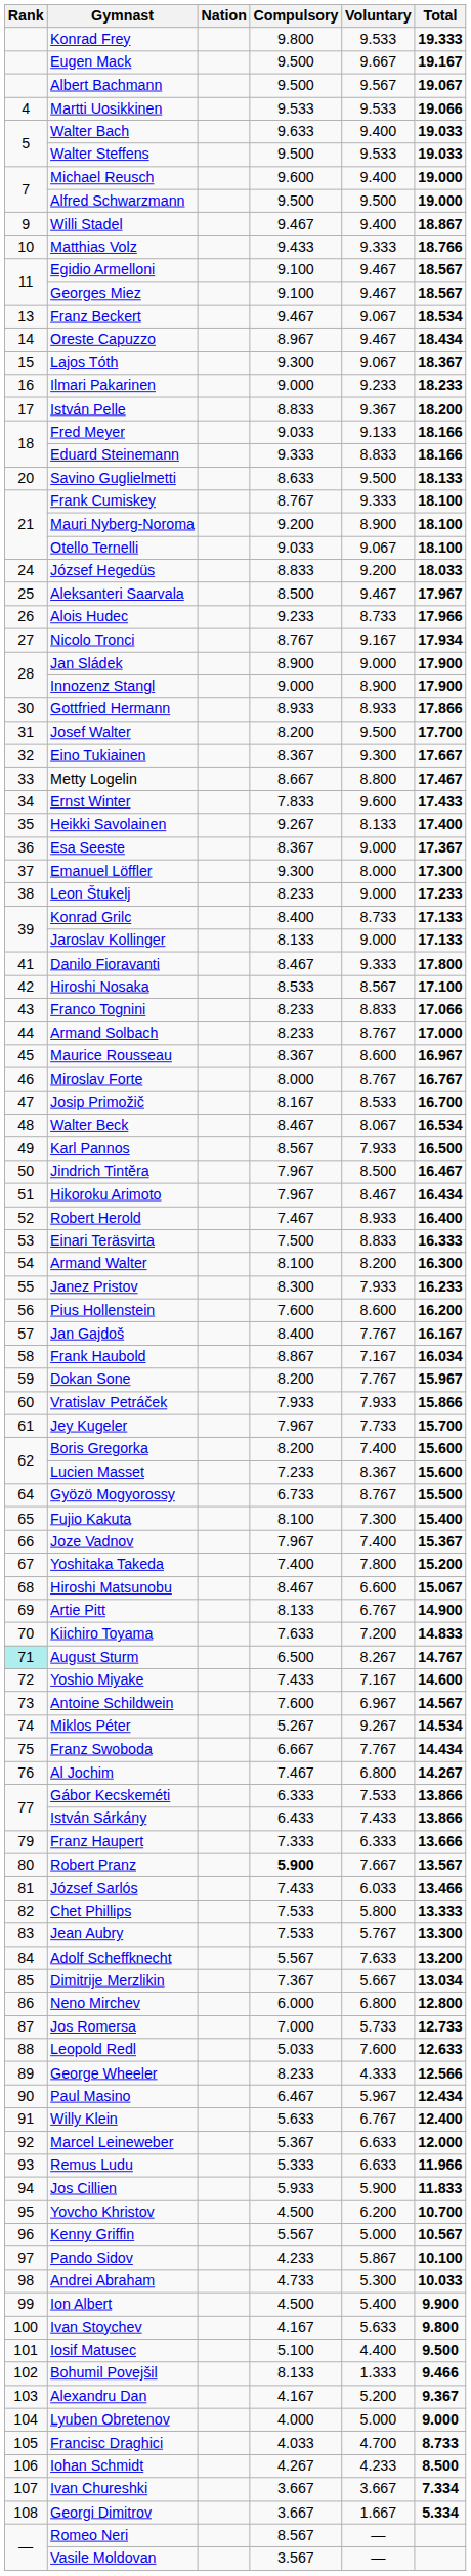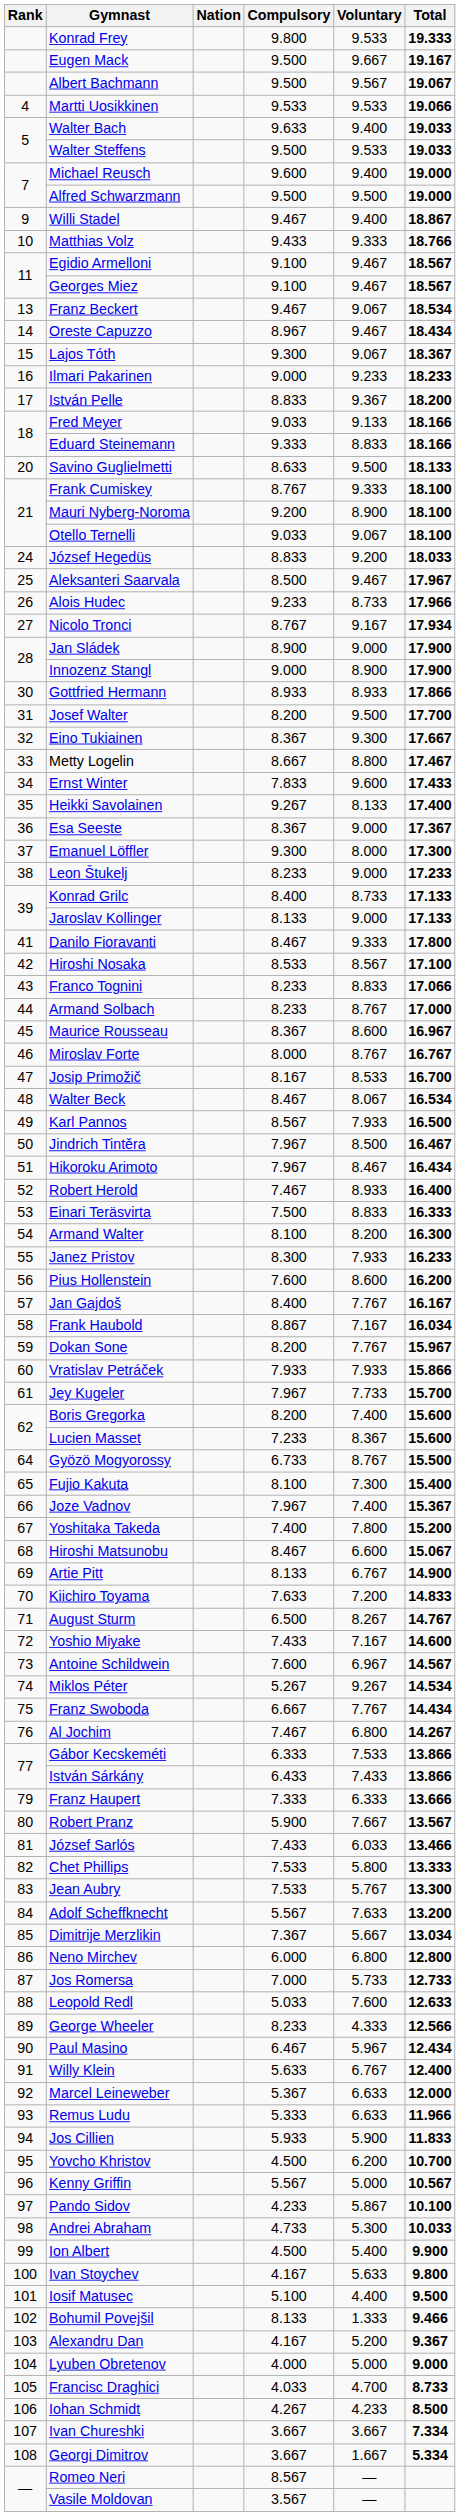 <table class="wikitable sortable" style="text-align:center">
 <tr>
 <th>Rank</th>
 <th>Gymnast</th>
 <th>Nation</th>
 <th>Compulsory</th>
 <th>Voluntary</th>
 <th>Total</th>
 </tr>
 <tr>
 <td></td>
 <td align=left><a href='#'>Konrad Frey</a></td>
 <td align=left></td>
 <td>9.800</td>
 <td>9.533</td>
 <td><strong>19.333</strong></td>
 </tr>
 <tr>
 <td></td>
 <td align=left><a href='#'>Eugen Mack</a></td>
 <td align=left></td>
 <td>9.500</td>
 <td>9.667</td>
 <td><strong>19.167</strong></td>
 </tr>
 <tr>
 <td></td>
 <td align=left><a href='#'>Albert Bachmann</a></td>
 <td align=left></td>
 <td>9.500</td>
 <td>9.567</td>
 <td><strong>19.067</strong></td>
 </tr>
 <tr>
 <td>4</td>
 <td align=left><a href='#'>Martti Uosikkinen</a></td>
 <td align=left></td>
 <td>9.533</td>
 <td>9.533</td>
 <td><strong>19.066</strong></td>
 </tr>
 <tr>
 <td rowspan=2>5</td>
 <td align=left><a href='#'>Walter Bach</a></td>
 <td align=left></td>
 <td>9.633</td>
 <td>9.400</td>
 <td><strong>19.033</strong></td>
 </tr>
 <tr>
 <td align=left><a href='#'>Walter Steffens</a></td>
 <td align=left></td>
 <td>9.500</td>
 <td>9.533</td>
 <td><strong>19.033</strong></td>
 </tr>
 <tr>
 <td rowspan=2>7</td>
 <td align=left><a href='#'>Michael Reusch</a></td>
 <td align=left></td>
 <td>9.600</td>
 <td>9.400</td>
 <td><strong>19.000</strong></td>
 </tr>
 <tr>
 <td align=left><a href='#'>Alfred Schwarzmann</a></td>
 <td align=left></td>
 <td>9.500</td>
 <td>9.500</td>
 <td><strong>19.000</strong></td>
 </tr>
 <tr>
 <td>9</td>
 <td align=left><a href='#'>Willi Stadel</a></td>
 <td align=left></td>
 <td>9.467</td>
 <td>9.400</td>
 <td><strong>18.867</strong></td>
 </tr>
 <tr>
 <td>10</td>
 <td align=left><a href='#'>Matthias Volz</a></td>
 <td align=left></td>
 <td>9.433</td>
 <td>9.333</td>
 <td><strong>18.766</strong></td>
 </tr>
 <tr>
 <td rowspan=2>11</td>
 <td align=left><a href='#'>Egidio Armelloni</a></td>
 <td align=left></td>
 <td>9.100</td>
 <td>9.467</td>
 <td><strong>18.567</strong></td>
 </tr>
 <tr>
 <td align=left><a href='#'>Georges Miez</a></td>
 <td align=left></td>
 <td>9.100</td>
 <td>9.467</td>
 <td><strong>18.567</strong></td>
 </tr>
 <tr>
 <td>13</td>
 <td align=left><a href='#'>Franz Beckert</a></td>
 <td align=left></td>
 <td>9.467</td>
 <td>9.067</td>
 <td><strong>18.534</strong></td>
 </tr>
 <tr>
 <td>14</td>
 <td align=left><a href='#'>Oreste Capuzzo</a></td>
 <td align=left></td>
 <td>8.967</td>
 <td>9.467</td>
 <td><strong>18.434</strong></td>
 </tr>
 <tr>
 <td>15</td>
 <td align=left><a href='#'>Lajos Tóth</a></td>
 <td align=left></td>
 <td>9.300</td>
 <td>9.067</td>
 <td><strong>18.367</strong></td>
 </tr>
 <tr>
 <td>16</td>
 <td align=left><a href='#'>Ilmari Pakarinen</a></td>
 <td align=left></td>
 <td>9.000</td>
 <td>9.233</td>
 <td><strong>18.233</strong></td>
 </tr>
 <tr>
 <td>17</td>
 <td align=left><a href='#'>István Pelle</a></td>
 <td align=left></td>
 <td>8.833</td>
 <td>9.367</td>
 <td><strong>18.200</strong></td>
 </tr>
 <tr>
 <td rowspan=2>18</td>
 <td align=left><a href='#'>Fred Meyer</a></td>
 <td align=left></td>
 <td>9.033</td>
 <td>9.133</td>
 <td><strong>18.166</strong></td>
 </tr>
 <tr>
 <td align=left><a href='#'>Eduard Steinemann</a></td>
 <td align=left></td>
 <td>9.333</td>
 <td>8.833</td>
 <td><strong>18.166</strong></td>
 </tr>
 <tr>
 <td>20</td>
 <td align=left><a href='#'>Savino Guglielmetti</a></td>
 <td align=left></td>
 <td>8.633</td>
 <td>9.500</td>
 <td><strong>18.133</strong></td>
 </tr>
 <tr>
 <td rowspan=3>21</td>
 <td align=left><a href='#'>Frank Cumiskey</a></td>
 <td align=left></td>
 <td>8.767</td>
 <td>9.333</td>
 <td><strong>18.100</strong></td>
 </tr>
 <tr>
 <td align=left><a href='#'>Mauri Nyberg-Noroma</a></td>
 <td align=left></td>
 <td>9.200</td>
 <td>8.900</td>
 <td><strong>18.100</strong></td>
 </tr>
 <tr>
 <td align=left><a href='#'>Otello Ternelli</a></td>
 <td align=left></td>
 <td>9.033</td>
 <td>9.067</td>
 <td><strong>18.100</strong></td>
 </tr>
 <tr>
 <td>24</td>
 <td align=left><a href='#'>József Hegedüs</a></td>
 <td align=left></td>
 <td>8.833</td>
 <td>9.200</td>
 <td><strong>18.033</strong></td>
 </tr>
 <tr>
 <td>25</td>
 <td align=left><a href='#'>Aleksanteri Saarvala</a></td>
 <td align=left></td>
 <td>8.500</td>
 <td>9.467</td>
 <td><strong>17.967</strong></td>
 </tr>
 <tr>
 <td>26</td>
 <td align=left><a href='#'>Alois Hudec</a></td>
 <td align=left></td>
 <td>9.233</td>
 <td>8.733</td>
 <td><strong>17.966</strong></td>
 </tr>
 <tr>
 <td>27</td>
 <td align=left><a href='#'>Nicolo Tronci</a></td>
 <td align=left></td>
 <td>8.767</td>
 <td>9.167</td>
 <td><strong>17.934</strong></td>
 </tr>
 <tr>
 <td rowspan=2>28</td>
 <td align=left><a href='#'>Jan Sládek</a></td>
 <td align=left></td>
 <td>8.900</td>
 <td>9.000</td>
 <td><strong>17.900</strong></td>
 </tr>
 <tr>
 <td align=left><a href='#'>Innozenz Stangl</a></td>
 <td align=left></td>
 <td>9.000</td>
 <td>8.900</td>
 <td><strong>17.900</strong></td>
 </tr>
 <tr>
 <td>30</td>
 <td align=left><a href='#'>Gottfried Hermann</a></td>
 <td align=left></td>
 <td>8.933</td>
 <td>8.933</td>
 <td><strong>17.866</strong></td>
 </tr>
 <tr>
 <td>31</td>
 <td align=left><a href='#'>Josef Walter</a></td>
 <td align=left></td>
 <td>8.200</td>
 <td>9.500</td>
 <td><strong>17.700</strong></td>
 </tr>
 <tr>
 <td>32</td>
 <td align=left><a href='#'>Eino Tukiainen</a></td>
 <td align=left></td>
 <td>8.367</td>
 <td>9.300</td>
 <td><strong>17.667</strong></td>
 </tr>
 <tr>
 <td>33</td>
 <td align=left>Metty Logelin</td>
 <td align=left></td>
 <td>8.667</td>
 <td>8.800</td>
 <td><strong>17.467</strong></td>
 </tr>
 <tr>
 <td>34</td>
 <td align=left><a href='#'>Ernst Winter</a></td>
 <td align=left></td>
 <td>7.833</td>
 <td>9.600</td>
 <td><strong>17.433</strong></td>
 </tr>
 <tr>
 <td>35</td>
 <td align=left><a href='#'>Heikki Savolainen</a></td>
 <td align=left></td>
 <td>9.267</td>
 <td>8.133</td>
 <td><strong>17.400</strong></td>
 </tr>
 <tr>
 <td>36</td>
 <td align=left><a href='#'>Esa Seeste</a></td>
 <td align=left></td>
 <td>8.367</td>
 <td>9.000</td>
 <td><strong>17.367</strong></td>
 </tr>
 <tr>
 <td>37</td>
 <td align=left><a href='#'>Emanuel Löffler</a></td>
 <td align=left></td>
 <td>9.300</td>
 <td>8.000</td>
 <td><strong>17.300</strong></td>
 </tr>
 <tr>
 <td>38</td>
 <td align=left><a href='#'>Leon Štukelj</a></td>
 <td align=left></td>
 <td>8.233</td>
 <td>9.000</td>
 <td><strong>17.233</strong></td>
 </tr>
 <tr>
 <td rowspan=2>39</td>
 <td align=left><a href='#'>Konrad Grilc</a></td>
 <td align=left></td>
 <td>8.400</td>
 <td>8.733</td>
 <td><strong>17.133</strong></td>
 </tr>
 <tr>
 <td align=left><a href='#'>Jaroslav Kollinger</a></td>
 <td align=left></td>
 <td>8.133</td>
 <td>9.000</td>
 <td><strong>17.133</strong></td>
 </tr>
 <tr>
 <td>41</td>
 <td align=left><a href='#'>Danilo Fioravanti</a></td>
 <td align=left></td>
 <td>8.467</td>
 <td>9.333</td>
 <td><strong>17.800</strong></td>
 </tr>
 <tr>
 <td>42</td>
 <td align=left><a href='#'>Hiroshi Nosaka</a></td>
 <td align=left></td>
 <td>8.533</td>
 <td>8.567</td>
 <td><strong>17.100</strong></td>
 </tr>
 <tr>
 <td>43</td>
 <td align=left><a href='#'>Franco Tognini</a></td>
 <td align=left></td>
 <td>8.233</td>
 <td>8.833</td>
 <td><strong>17.066</strong></td>
 </tr>
 <tr>
 <td>44</td>
 <td align=left><a href='#'>Armand Solbach</a></td>
 <td align=left></td>
 <td>8.233</td>
 <td>8.767</td>
 <td><strong>17.000</strong></td>
 </tr>
 <tr>
 <td>45</td>
 <td align=left><a href='#'>Maurice Rousseau</a></td>
 <td align=left></td>
 <td>8.367</td>
 <td>8.600</td>
 <td><strong>16.967</strong></td>
 </tr>
 <tr>
 <td>46</td>
 <td align=left><a href='#'>Miroslav Forte</a></td>
 <td align=left></td>
 <td>8.000</td>
 <td>8.767</td>
 <td><strong>16.767</strong></td>
 </tr>
 <tr>
 <td>47</td>
 <td align=left><a href='#'>Josip Primožič</a></td>
 <td align=left></td>
 <td>8.167</td>
 <td>8.533</td>
 <td><strong>16.700</strong></td>
 </tr>
 <tr>
 <td>48</td>
 <td align=left><a href='#'>Walter Beck</a></td>
 <td align=left></td>
 <td>8.467</td>
 <td>8.067</td>
 <td><strong>16.534</strong></td>
 </tr>
 <tr>
 <td>49</td>
 <td align=left><a href='#'>Karl Pannos</a></td>
 <td align=left></td>
 <td>8.567</td>
 <td>7.933</td>
 <td><strong>16.500</strong></td>
 </tr>
 <tr>
 <td>50</td>
 <td align=left><a href='#'>Jindrich Tintěra</a></td>
 <td align=left></td>
 <td>7.967</td>
 <td>8.500</td>
 <td><strong>16.467</strong></td>
 </tr>
 <tr>
 <td>51</td>
 <td align=left><a href='#'>Hikoroku Arimoto</a></td>
 <td align=left></td>
 <td>7.967</td>
 <td>8.467</td>
 <td><strong>16.434</strong></td>
 </tr>
 <tr>
 <td>52</td>
 <td align=left><a href='#'>Robert Herold</a></td>
 <td align=left></td>
 <td>7.467</td>
 <td>8.933</td>
 <td><strong>16.400</strong></td>
 </tr>
 <tr>
 <td>53</td>
 <td align=left><a href='#'>Einari Teräsvirta</a></td>
 <td align=left></td>
 <td>7.500</td>
 <td>8.833</td>
 <td><strong>16.333</strong></td>
 </tr>
 <tr>
 <td>54</td>
 <td align=left><a href='#'>Armand Walter</a></td>
 <td align=left></td>
 <td>8.100</td>
 <td>8.200</td>
 <td><strong>16.300</strong></td>
 </tr>
 <tr>
 <td>55</td>
 <td align=left><a href='#'>Janez Pristov</a></td>
 <td align=left></td>
 <td>8.300</td>
 <td>7.933</td>
 <td><strong>16.233</strong></td>
 </tr>
 <tr>
 <td>56</td>
 <td align=left><a href='#'>Pius Hollenstein</a></td>
 <td align=left></td>
 <td>7.600</td>
 <td>8.600</td>
 <td><strong>16.200</strong></td>
 </tr>
 <tr>
 <td>57</td>
 <td align=left><a href='#'>Jan Gajdoš</a></td>
 <td align=left></td>
 <td>8.400</td>
 <td>7.767</td>
 <td><strong>16.167</strong></td>
 </tr>
 <tr>
 <td>58</td>
 <td align=left><a href='#'>Frank Haubold</a></td>
 <td align=left></td>
 <td>8.867</td>
 <td>7.167</td>
 <td><strong>16.034</strong></td>
 </tr>
 <tr>
 <td>59</td>
 <td align=left><a href='#'>Dokan Sone</a></td>
 <td align=left></td>
 <td>8.200</td>
 <td>7.767</td>
 <td><strong>15.967</strong></td>
 </tr>
 <tr>
 <td>60</td>
 <td align=left><a href='#'>Vratislav Petráček</a></td>
 <td align=left></td>
 <td>7.933</td>
 <td>7.933</td>
 <td><strong>15.866</strong></td>
 </tr>
 <tr>
 <td>61</td>
 <td align=left><a href='#'>Jey Kugeler</a></td>
 <td align=left></td>
 <td>7.967</td>
 <td>7.733</td>
 <td><strong>15.700</strong></td>
 </tr>
 <tr>
 <td rowspan=2>62</td>
 <td align=left><a href='#'>Boris Gregorka</a></td>
 <td align=left></td>
 <td>8.200</td>
 <td>7.400</td>
 <td><strong>15.600</strong></td>
 </tr>
 <tr>
 <td align=left><a href='#'>Lucien Masset</a></td>
 <td align=left></td>
 <td>7.233</td>
 <td>8.367</td>
 <td><strong>15.600</strong></td>
 </tr>
 <tr>
 <td>64</td>
 <td align=left><a href='#'>Gyözö Mogyorossy</a></td>
 <td align=left></td>
 <td>6.733</td>
 <td>8.767</td>
 <td><strong>15.500</strong></td>
 </tr>
 <tr>
 <td>65</td>
 <td align=left><a href='#'>Fujio Kakuta</a></td>
 <td align=left></td>
 <td>8.100</td>
 <td>7.300</td>
 <td><strong>15.400</strong></td>
 </tr>
 <tr>
 <td>66</td>
 <td align=left><a href='#'>Joze Vadnov</a></td>
 <td align=left></td>
 <td>7.967</td>
 <td>7.400</td>
 <td><strong>15.367</strong></td>
 </tr>
 <tr>
 <td>67</td>
 <td align=left><a href='#'>Yoshitaka Takeda</a></td>
 <td align=left></td>
 <td>7.400</td>
 <td>7.800</td>
 <td><strong>15.200</strong></td>
 </tr>
 <tr>
 <td>68</td>
 <td align=left><a href='#'>Hiroshi Matsunobu</a></td>
 <td align=left></td>
 <td>8.467</td>
 <td>6.600</td>
 <td><strong>15.067</strong></td>
 </tr>
 <tr>
 <td>69</td>
 <td align=left><a href='#'>Artie Pitt</a></td>
 <td align=left></td>
 <td>8.133</td>
 <td>6.767</td>
 <td><strong>14.900</strong></td>
 </tr>
 <tr>
 <td>70</td>
 <td align=left><a href='#'>Kiichiro Toyama</a></td>
 <td align=left></td>
 <td>7.633</td>
 <td>7.200</td>
 <td><strong>14.833</strong></td>
 </tr>
 <tr>
-<td style="background: paleturquoise;">71</td>
+<td>71</td>
 <td align=left><a href='#'>August Sturm</a></td>
 <td align=left></td>
 <td>6.500</td>
 <td>8.267</td>
 <td><strong>14.767</strong></td>
 </tr>
 <tr>
 <td>72</td>
 <td align=left><a href='#'>Yoshio Miyake</a></td>
 <td align=left></td>
 <td>7.433</td>
 <td>7.167</td>
 <td><strong>14.600</strong></td>
 </tr>
 <tr>
 <td>73</td>
 <td align=left><a href='#'>Antoine Schildwein</a></td>
 <td align=left></td>
 <td>7.600</td>
 <td>6.967</td>
 <td><strong>14.567</strong></td>
 </tr>
 <tr>
 <td>74</td>
 <td align=left><a href='#'>Miklos Péter</a></td>
 <td align=left></td>
 <td>5.267</td>
 <td>9.267</td>
 <td><strong>14.534</strong></td>
 </tr>
 <tr>
 <td>75</td>
 <td align=left><a href='#'>Franz Swoboda</a></td>
 <td align=left></td>
 <td>6.667</td>
 <td>7.767</td>
 <td><strong>14.434</strong></td>
 </tr>
 <tr>
 <td>76</td>
 <td align=left><a href='#'>Al Jochim</a></td>
 <td align=left></td>
 <td>7.467</td>
 <td>6.800</td>
 <td><strong>14.267</strong></td>
 </tr>
 <tr>
 <td rowspan=2>77</td>
 <td align=left><a href='#'>Gábor Kecskeméti</a></td>
 <td align=left></td>
 <td>6.333</td>
 <td>7.533</td>
 <td><strong>13.866</strong></td>
 </tr>
 <tr>
 <td align=left><a href='#'>István Sárkány</a></td>
 <td align=left></td>
 <td>6.433</td>
 <td>7.433</td>
 <td><strong>13.866</strong></td>
 </tr>
 <tr>
 <td>79</td>
 <td align=left><a href='#'>Franz Haupert</a></td>
 <td align=left></td>
 <td>7.333</td>
 <td>6.333</td>
 <td><strong>13.666</strong></td>
 </tr>
 <tr>
 <td>80</td>
 <td align=left><a href='#'>Robert Pranz</a></td>
 <td align=left></td>
-<td><strong>5.900</strong></td>
+<td>5.900</td>
 <td>7.667</td>
 <td><strong>13.567</strong></td>
 </tr>
 <tr>
 <td>81</td>
 <td align=left><a href='#'>József Sarlós</a></td>
 <td align=left></td>
 <td>7.433</td>
 <td>6.033</td>
 <td><strong>13.466</strong></td>
 </tr>
 <tr>
 <td>82</td>
 <td align=left><a href='#'>Chet Phillips</a></td>
 <td align=left></td>
 <td>7.533</td>
 <td>5.800</td>
 <td><strong>13.333</strong></td>
 </tr>
 <tr>
 <td>83</td>
 <td align=left><a href='#'>Jean Aubry</a></td>
 <td align=left></td>
 <td>7.533</td>
 <td>5.767</td>
 <td><strong>13.300</strong></td>
 </tr>
 <tr>
 <td>84</td>
 <td align=left><a href='#'>Adolf Scheffknecht</a></td>
 <td align=left></td>
 <td>5.567</td>
 <td>7.633</td>
 <td><strong>13.200</strong></td>
 </tr>
 <tr>
 <td>85</td>
 <td align=left><a href='#'>Dimitrije Merzlikin</a></td>
 <td align=left></td>
 <td>7.367</td>
 <td>5.667</td>
 <td><strong>13.034</strong></td>
 </tr>
 <tr>
 <td>86</td>
 <td align=left><a href='#'>Neno Mirchev</a></td>
 <td align=left></td>
 <td>6.000</td>
 <td>6.800</td>
 <td><strong>12.800</strong></td>
 </tr>
 <tr>
 <td>87</td>
 <td align=left><a href='#'>Jos Romersa</a></td>
 <td align=left></td>
 <td>7.000</td>
 <td>5.733</td>
 <td><strong>12.733</strong></td>
 </tr>
 <tr>
 <td>88</td>
 <td align=left><a href='#'>Leopold Redl</a></td>
 <td align=left></td>
 <td>5.033</td>
 <td>7.600</td>
 <td><strong>12.633</strong></td>
 </tr>
 <tr>
 <td>89</td>
 <td align=left><a href='#'>George Wheeler</a></td>
 <td align=left></td>
 <td>8.233</td>
 <td>4.333</td>
 <td><strong>12.566</strong></td>
 </tr>
 <tr>
 <td>90</td>
 <td align=left><a href='#'>Paul Masino</a></td>
 <td align=left></td>
 <td>6.467</td>
 <td>5.967</td>
 <td><strong>12.434</strong></td>
 </tr>
 <tr>
 <td>91</td>
 <td align=left><a href='#'>Willy Klein</a></td>
 <td align=left></td>
 <td>5.633</td>
 <td>6.767</td>
 <td><strong>12.400</strong></td>
 </tr>
 <tr>
 <td>92</td>
 <td align=left><a href='#'>Marcel Leineweber</a></td>
 <td align=left></td>
 <td>5.367</td>
 <td>6.633</td>
 <td><strong>12.000</strong></td>
 </tr>
 <tr>
 <td>93</td>
 <td align=left><a href='#'>Remus Ludu</a></td>
 <td align=left></td>
 <td>5.333</td>
 <td>6.633</td>
 <td><strong>11.966</strong></td>
 </tr>
 <tr>
 <td>94</td>
 <td align=left><a href='#'>Jos Cillien</a></td>
 <td align=left></td>
 <td>5.933</td>
 <td>5.900</td>
 <td><strong>11.833</strong></td>
 </tr>
 <tr>
 <td>95</td>
 <td align=left><a href='#'>Yovcho Khristov</a></td>
 <td align=left></td>
 <td>4.500</td>
 <td>6.200</td>
 <td><strong>10.700</strong></td>
 </tr>
 <tr>
 <td>96</td>
 <td align=left><a href='#'>Kenny Griffin</a></td>
 <td align=left></td>
 <td>5.567</td>
 <td>5.000</td>
 <td><strong>10.567</strong></td>
 </tr>
 <tr>
 <td>97</td>
 <td align=left><a href='#'>Pando Sidov</a></td>
 <td align=left></td>
 <td>4.233</td>
 <td>5.867</td>
 <td><strong>10.100</strong></td>
 </tr>
 <tr>
 <td>98</td>
 <td align=left><a href='#'>Andrei Abraham</a></td>
 <td align=left></td>
 <td>4.733</td>
 <td>5.300</td>
 <td><strong>10.033</strong></td>
 </tr>
 <tr>
 <td>99</td>
 <td align=left><a href='#'>Ion Albert</a></td>
 <td align=left></td>
 <td>4.500</td>
 <td>5.400</td>
 <td><strong>9.900</strong></td>
 </tr>
 <tr>
 <td>100</td>
 <td align=left><a href='#'>Ivan Stoychev</a></td>
 <td align=left></td>
 <td>4.167</td>
 <td>5.633</td>
 <td><strong>9.800</strong></td>
 </tr>
 <tr>
 <td>101</td>
 <td align=left><a href='#'>Iosif Matusec</a></td>
 <td align=left></td>
 <td>5.100</td>
 <td>4.400</td>
 <td><strong>9.500</strong></td>
 </tr>
 <tr>
 <td>102</td>
 <td align=left><a href='#'>Bohumil Povejšil</a></td>
 <td align=left></td>
 <td>8.133</td>
 <td>1.333</td>
 <td><strong>9.466</strong></td>
 </tr>
 <tr>
 <td>103</td>
 <td align=left><a href='#'>Alexandru Dan</a></td>
 <td align=left></td>
 <td>4.167</td>
 <td>5.200</td>
 <td><strong>9.367</strong></td>
 </tr>
 <tr>
 <td>104</td>
 <td align=left><a href='#'>Lyuben Obretenov</a></td>
 <td align=left></td>
 <td>4.000</td>
 <td>5.000</td>
 <td><strong>9.000</strong></td>
 </tr>
 <tr>
 <td>105</td>
 <td align=left><a href='#'>Francisc Draghici</a></td>
 <td align=left></td>
 <td>4.033</td>
 <td>4.700</td>
 <td><strong>8.733</strong></td>
 </tr>
 <tr>
 <td>106</td>
 <td align=left><a href='#'>Iohan Schmidt</a></td>
 <td align=left></td>
 <td>4.267</td>
 <td>4.233</td>
 <td><strong>8.500</strong></td>
 </tr>
 <tr>
 <td>107</td>
 <td align=left><a href='#'>Ivan Chureshki</a></td>
 <td align=left></td>
 <td>3.667</td>
 <td>3.667</td>
 <td><strong>7.334</strong></td>
 </tr>
 <tr>
 <td>108</td>
 <td align=left><a href='#'>Georgi Dimitrov</a></td>
 <td align=left></td>
 <td>3.667</td>
 <td>1.667</td>
 <td><strong>5.334</strong></td>
 </tr>
 <tr>
 <td rowspan=2 data-sort-value=109>—</td>
 <td align=left><a href='#'>Romeo Neri</a></td>
 <td align=left></td>
 <td>8.567</td>
 <td data-sort-value=0.000>—</td>
 <td></td>
 </tr>
 <tr>
 <td align=left><a href='#'>Vasile Moldovan</a></td>
 <td align=left></td>
 <td>3.567</td>
 <td data-sort-value=0.000>—</td>
 <td></td>
 </tr>
 </table>
